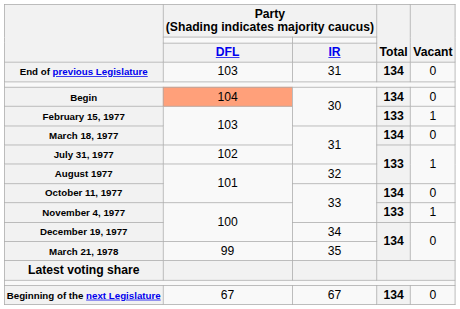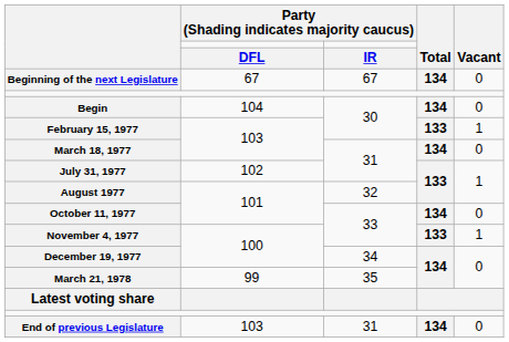 <table class=wikitable style="text-align:center">
 <tr style="vertical-align:bottom;">
 <th rowspan=3></th>
 <th colspan=2>Party <div>(Shading indicates majority caucus)</div></th>
 <th rowspan=3>Total</th>
 <th rowspan=3>Vacant</th>
 </tr>
 <tr style="height:5px">
 <td style="background-color:"></td>
 <td style="background-color:"></td>
 </tr>
 <tr>
 <th><a href='#'>DFL</a></th>
 <th><a href='#'>IR</a></th>
 </tr>
 <tr>
-<th style="white-space:nowrap; font-size:80%;">End of <a href='#'>previous Legislature</a></th>
-<td>103</td>
-<td>31</td>
+<th style="white-space:nowrap; font-size:80%;">Beginning of the <a href='#'>next Legislature</a></th>
+<td>67</td>
+<td>67</td>
 <th>134</th>
 <td>0</td>
 </tr>
 <tr>
 <td colspan=5></td>
 </tr>
 <tr>
 <th style="font-size:80%">Begin</th>
-<td style="background: lightsalmon;">104</td>
+<td>104</td>
 <td rowspan=2>30</td>
 <th>134</th>
 <td>0</td>
 </tr>
 <tr>
 <th style="font-size:80%">February 15, 1977 </th>
 <td rowspan=2 >103</td>
 <th>133</th>
 <td>1</td>
 </tr>
 <tr>
 <th style="font-size:80%">March 18, 1977 </th>
 <td rowspan=2>31</td>
 <th>134</th>
 <td>0</td>
 </tr>
 <tr>
 <th style="font-size:80%">July 31, 1977 </th>
 <td>102</td>
 <th rowspan=2>133</th>
 <td rowspan=2>1</td>
 </tr>
 <tr>
 <th style="font-size:80%">August 1977 </th>
 <td rowspan=2 >101</td>
 <td>32</td>
 </tr>
 <tr>
 <th style="font-size:80%">October 11, 1977 </th>
 <td rowspan=2>33</td>
 <th>134</th>
 <td>0</td>
 </tr>
 <tr>
 <th style="font-size:80%">November 4, 1977 </th>
 <td rowspan=2 >100</td>
 <th>133</th>
 <td>1</td>
 </tr>
 <tr>
 <th style="font-size:80%">December 19, 1977 </th>
 <td>34</td>
 <th rowspan=2>134</th>
 <td rowspan=2>0</td>
 </tr>
 <tr>
 <th style="font-size:80%">March 21, 1978 </th>
 <td>99</td>
 <td>35</td>
 </tr>
 <tr>
 <th>Latest voting share</th>
 <th></th>
 <th></th>
 <th colspan=2></th>
 </tr>
 <tr>
 <td colspan=5></td>
 </tr>
 <tr>
-<th style="white-space:nowrap; font-size:80%;">Beginning of the <a href='#'>next Legislature</a></th>
-<td>67</td>
-<td>67</td>
+<th style="white-space:nowrap; font-size:80%;">End of <a href='#'>previous Legislature</a></th>
+<td>103</td>
+<td>31</td>
 <th>134</th>
 <td>0</td>
 </tr>
 </table>
